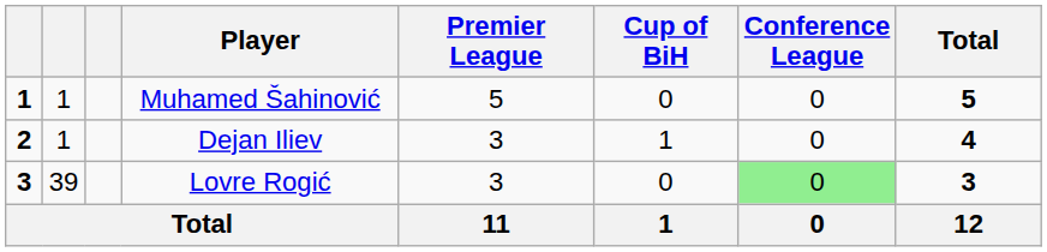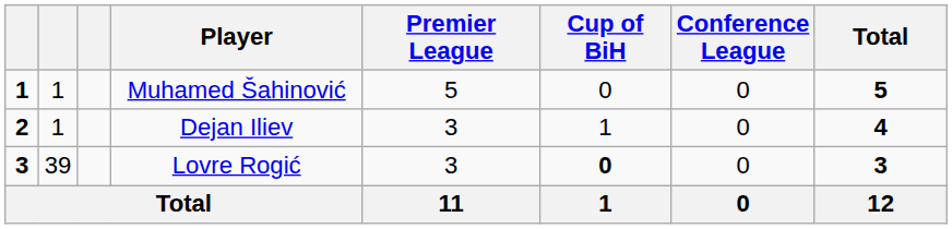 <table class="wikitable" style="text-align:center;">
 <tr>
 <th width=15></th>
 <th width=15></th>
 <th width=15></th>
 <th width=160>Player</th>
 <th width=110><a href='#'>Premier League</a></th>
 <th width=80><a href='#'>Cup of BiH</a></th>
 <th width=80><a href='#'>Conference League</a></th>
 <th width=80>Total</th>
 </tr>
 <tr>
 <td><strong>1</strong></td>
 <td>1</td>
 <td></td>
 <td><a href='#'>Muhamed Šahinović</a></td>
 <td>5</td>
 <td>0</td>
 <td>0</td>
 <td><strong>5</strong></td>
 </tr>
 <tr>
 <td><strong>2</strong></td>
 <td>1</td>
 <td></td>
 <td><a href='#'>Dejan Iliev</a></td>
 <td>3</td>
 <td>1</td>
 <td>0</td>
 <td><strong>4</strong></td>
 </tr>
 <tr>
 <td><strong>3</strong></td>
 <td>39</td>
 <td></td>
 <td><a href='#'>Lovre Rogić</a></td>
 <td>3</td>
+<td><strong>0</strong></td>
 <td>0</td>
-<td style="background: lightgreen;">0</td>
 <td><strong>3</strong></td>
 </tr>
 <tr>
 <th colspan="4">Total</th>
 <th>11</th>
 <th>1</th>
 <th>0</th>
 <th>12</th>
 </tr>
 </table>
